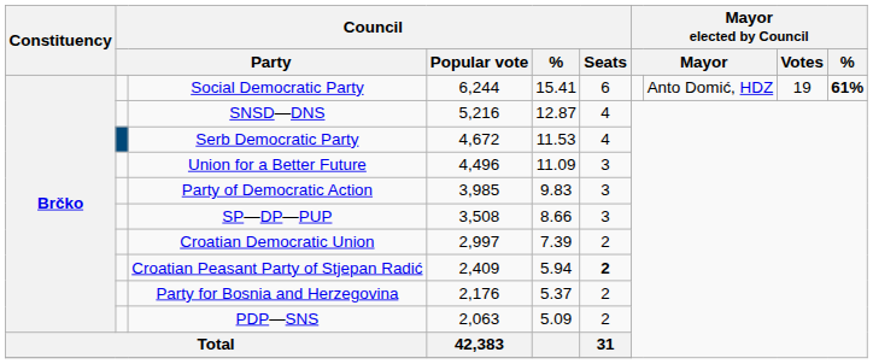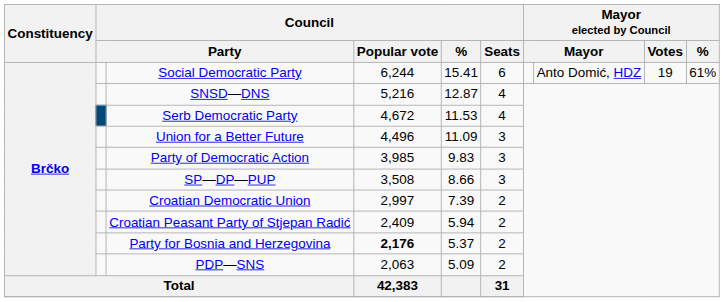 <table class="wikitable">
 <tr>
 <th rowspan=2>Constituency</th>
 <th colspan=5>Council</th>
 <th colspan=5>Mayor<br><small>elected by Council</small></th>
 </tr>
 <tr>
 <th colspan=2>Party</th>
 <th>Popular vote</th>
 <th>%</th>
 <th>Seats</th>
 <th colspan=2>Mayor</th>
 <th>Votes</th>
 <th>%</th>
 </tr>
 <tr>
 <th rowspan=10><a href='#'>Brčko</a></th>
 <td width=5px style="background-color:"></td>
 <td align=center><a href='#'>Social Democratic Party</a></td>
 <td align=center>6,244</td>
 <td align=center>15.41</td>
 <td align=center>6</td>
 <td width=5px style="background-color:"></td>
 <td>Anto Domić, <a href='#'>HDZ</a></td>
 <td align=center>19</td>
-<td align=center><strong>61%</strong></td>
+<td align=center>61%</td>
 </tr>
 <tr>
 <td width=5px style="background-color:"></td>
 <td align=center><a href='#'>SNSD</a>—<a href='#'>DNS</a></td>
 <td align=center>5,216</td>
 <td align=center>12.87</td>
 <td align=center>4</td>
 </tr>
 <tr>
 <td width=5px style="background-color:#004878"></td>
 <td align=center><a href='#'>Serb Democratic Party</a></td>
 <td align=center>4,672</td>
 <td align=center>11.53</td>
 <td align=center>4</td>
 </tr>
 <tr>
 <td width=5px style="background-color:"></td>
 <td align=center><a href='#'>Union for a Better Future</a></td>
 <td align=center>4,496</td>
 <td align=center>11.09</td>
 <td align=center>3</td>
 </tr>
 <tr>
 <td width=5px style="background-color:"></td>
 <td align=center><a href='#'>Party of Democratic Action</a></td>
 <td align=center>3,985</td>
 <td align=center>9.83</td>
 <td align=center>3</td>
 </tr>
 <tr>
 <td width=5px style="background-color:"></td>
 <td align=center><a href='#'>SP</a>—<a href='#'>DP</a>—<a href='#'>PUP</a></td>
 <td align=center>3,508</td>
 <td align=center>8.66</td>
 <td align=center>3</td>
 </tr>
 <tr>
 <td width=5px style="background-color:"></td>
 <td align=center><a href='#'>Croatian Democratic Union</a></td>
 <td align=center>2,997</td>
 <td align=center>7.39</td>
 <td align=center>2</td>
 </tr>
 <tr>
 <td width=5px style="background-color:"></td>
 <td align=center><a href='#'>Croatian Peasant Party of Stjepan Radić</a></td>
 <td align=center>2,409</td>
 <td align=center>5.94</td>
-<td align=center><strong>2</strong></td>
+<td align=center>2</td>
 </tr>
 <tr>
 <td width=5px style="background-color:"></td>
 <td align=center><a href='#'>Party for Bosnia and Herzegovina</a></td>
-<td align=center>2,176</td>
+<td align=center><strong>2,176</strong></td>
 <td align=center>5.37</td>
 <td align=center>2</td>
 </tr>
 <tr>
 <td width=5px style="background-color:"></td>
 <td align=center><a href='#'>PDP</a>—<a href='#'>SNS</a></td>
 <td align=center>2,063</td>
 <td align=center>5.09</td>
 <td align=center>2</td>
 </tr>
 <tr>
 <th colspan=3><strong>Total</strong></th>
 <th align=center>42,383</th>
 <th align=center></th>
 <th align=center>31</th>
 </tr>
 <tr>
 </tr>
 </table>
